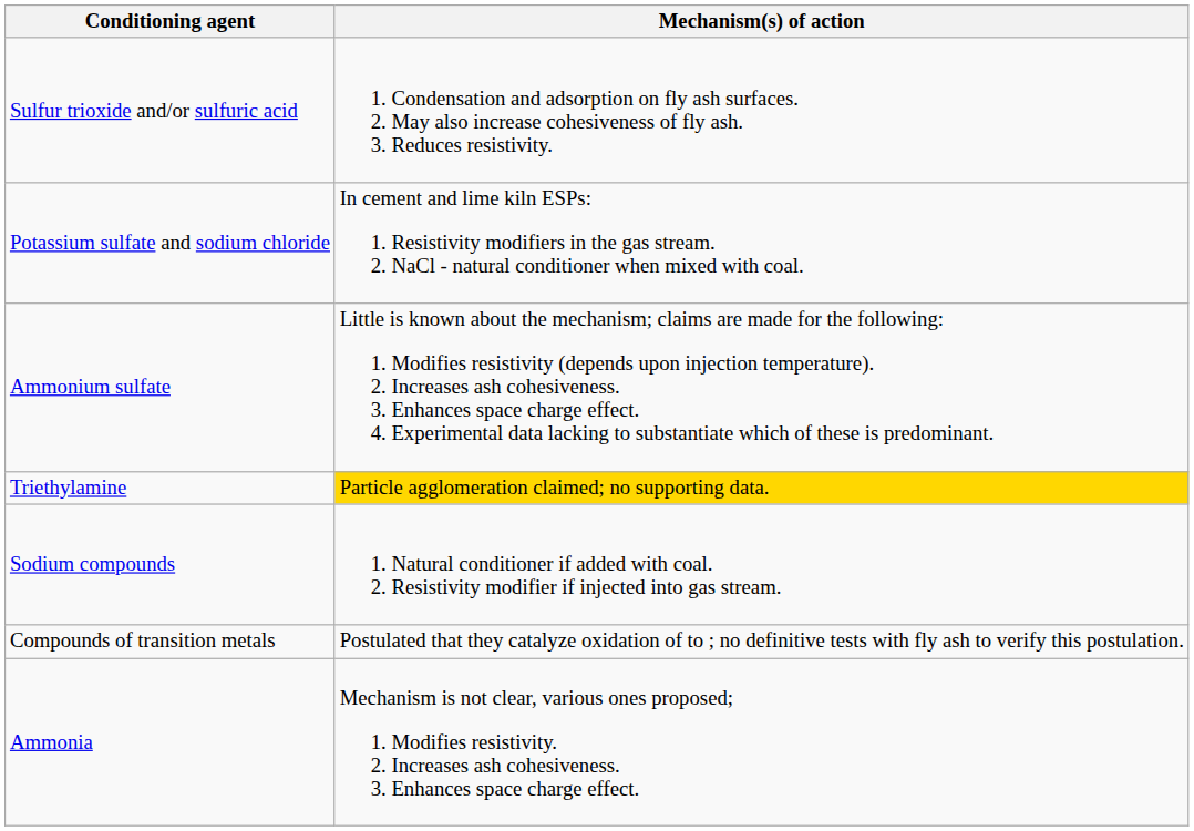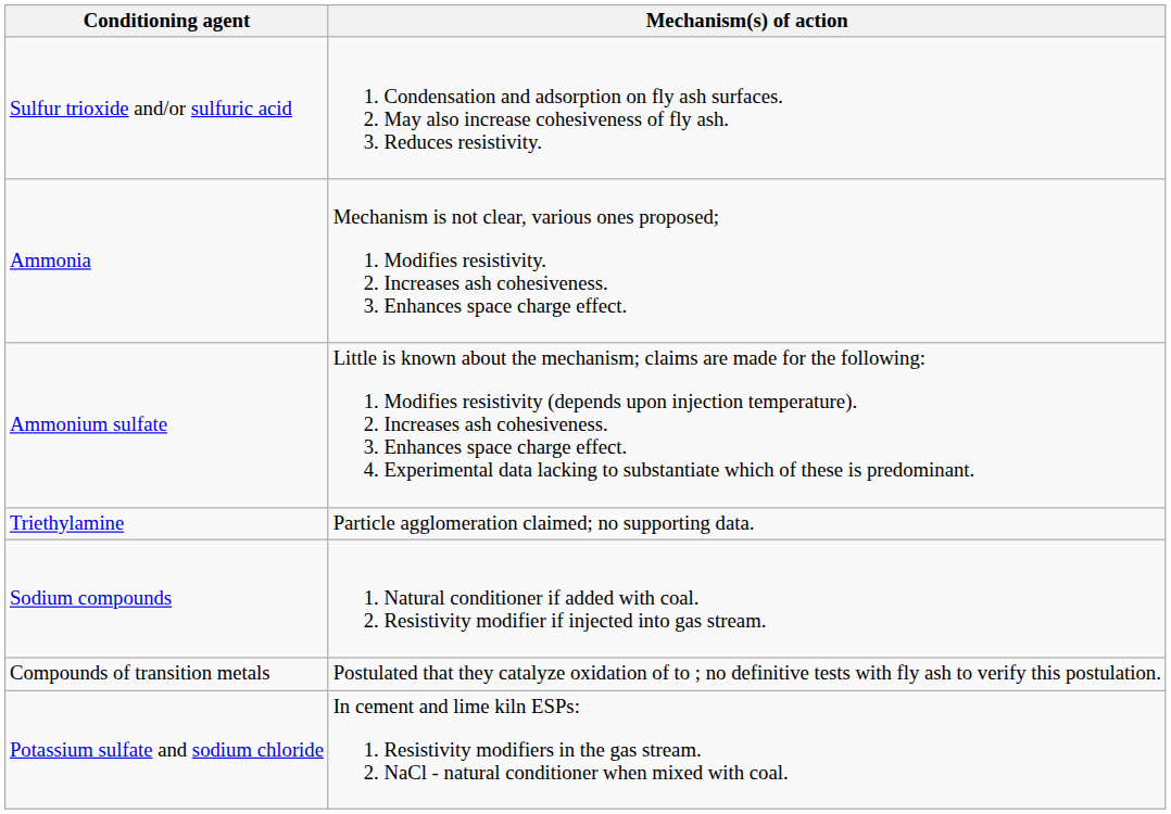 <table class="wikitable">
 <tr>
 <th>Conditioning agent</th>
 <th>Mechanism(s) of action</th>
 </tr>
 <tr>
 <td><a href='#'>Sulfur trioxide</a> and/or <a href='#'>sulfuric acid</a></td>
 <td><br><ol><li>Condensation and adsorption on fly ash surfaces.</li><li>May also increase cohesiveness of fly ash.</li><li>Reduces resistivity.</li></ol></td>
 </tr>
 <tr>
-<td><a href='#'>Potassium sulfate</a> and <a href='#'>sodium chloride</a></td>
-<td>In cement and lime kiln ESPs:<br><ol><li>Resistivity modifiers in the gas stream.</li><li>NaCl - natural conditioner when mixed with coal.</li></ol></td>
+<td><a href='#'>Ammonia</a></td>
+<td><br>Mechanism is not clear, various ones proposed;<ol><li>Modifies resistivity.</li><li>Increases ash cohesiveness.</li><li>Enhances space charge effect.</li></ol></td>
 </tr>
 <tr>
 <td><a href='#'>Ammonium sulfate</a></td>
 <td>Little is known about the mechanism; claims are made for the following:<br><ol><li>Modifies resistivity (depends upon injection temperature).</li><li>Increases ash cohesiveness.</li><li>Enhances space charge effect.</li><li>Experimental data lacking to substantiate which of these is predominant.</li></ol></td>
 </tr>
 <tr>
 <td><a href='#'>Triethylamine</a></td>
-<td style="background: gold;">Particle agglomeration claimed; no supporting data.</td>
+<td>Particle agglomeration claimed; no supporting data.</td>
 </tr>
 <tr>
 <td><a href='#'>Sodium compounds</a></td>
 <td><br><ol><li>Natural conditioner if added with coal.</li><li>Resistivity modifier if injected into gas stream.</li></ol></td>
 </tr>
 <tr>
 <td>Compounds of transition metals</td>
 <td>Postulated that they catalyze oxidation of  to ; no definitive tests with fly ash to verify this postulation.</td>
 </tr>
 <tr>
-<td><a href='#'>Ammonia</a></td>
-<td><br>Mechanism is not clear, various ones proposed;<ol><li>Modifies resistivity.</li><li>Increases ash cohesiveness.</li><li>Enhances space charge effect.</li></ol></td>
+<td><a href='#'>Potassium sulfate</a> and <a href='#'>sodium chloride</a></td>
+<td>In cement and lime kiln ESPs:<br><ol><li>Resistivity modifiers in the gas stream.</li><li>NaCl - natural conditioner when mixed with coal.</li></ol></td>
 </tr>
 </table>
